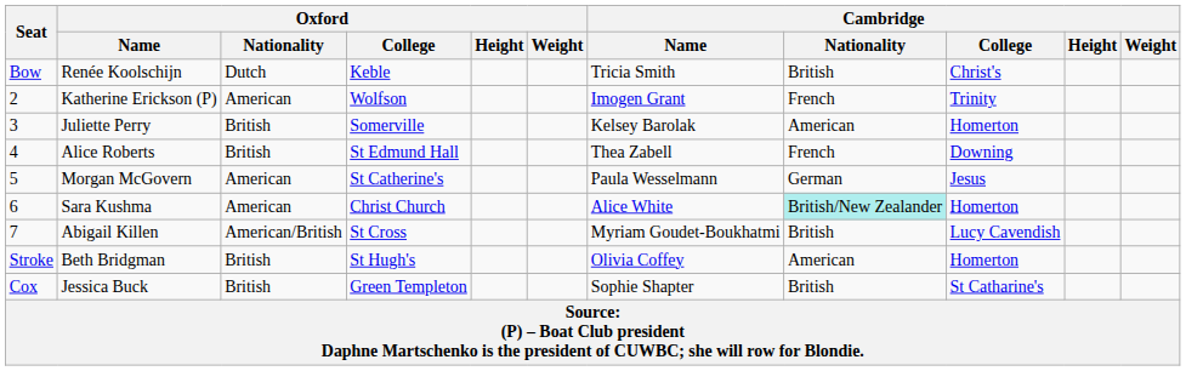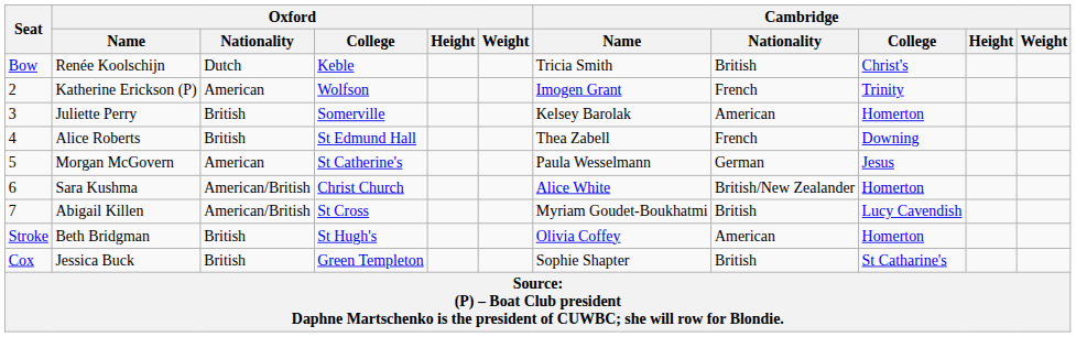 <table class="wikitable">
 <tr>
 <th rowspan="2" scope="col">Seat</th>
 <th colspan="5" scope="col">Oxford <br> </th>
 <th colspan="5" scope="col">Cambridge <br> </th>
 </tr>
 <tr>
 <th>Name</th>
 <th>Nationality</th>
 <th>College</th>
 <th>Height</th>
 <th>Weight</th>
 <th>Name</th>
 <th>Nationality</th>
 <th>College</th>
 <th>Height</th>
 <th>Weight</th>
 </tr>
 <tr>
 <td><a href='#'>Bow</a></td>
 <td>Renée Koolschijn</td>
 <td>Dutch</td>
 <td><a href='#'>Keble</a></td>
 <td></td>
 <td></td>
 <td>Tricia Smith</td>
 <td>British</td>
 <td><a href='#'>Christ's</a></td>
 <td></td>
 <td></td>
 </tr>
 <tr>
 <td>2</td>
 <td>Katherine Erickson (P)</td>
 <td>American</td>
 <td><a href='#'>Wolfson</a></td>
 <td></td>
 <td></td>
 <td><a href='#'>Imogen Grant</a></td>
 <td>French</td>
 <td><a href='#'>Trinity</a></td>
 <td></td>
 <td></td>
 </tr>
 <tr>
 <td>3</td>
 <td>Juliette Perry</td>
 <td>British</td>
 <td><a href='#'>Somerville</a></td>
 <td></td>
 <td></td>
 <td>Kelsey Barolak</td>
 <td>American</td>
 <td><a href='#'>Homerton</a></td>
 <td></td>
 <td></td>
 </tr>
 <tr>
 <td>4</td>
 <td>Alice Roberts</td>
 <td>British</td>
 <td><a href='#'>St Edmund Hall</a></td>
 <td></td>
 <td></td>
 <td>Thea Zabell</td>
 <td>French</td>
 <td><a href='#'>Downing</a></td>
 <td></td>
 <td></td>
 </tr>
 <tr>
 <td>5</td>
 <td>Morgan McGovern</td>
 <td>American</td>
 <td><a href='#'>St Catherine's</a></td>
 <td></td>
 <td></td>
 <td>Paula Wesselmann</td>
 <td>German</td>
 <td><a href='#'>Jesus</a></td>
 <td></td>
 <td></td>
 </tr>
 <tr>
 <td>6</td>
 <td>Sara Kushma</td>
-<td>American</td>
+<td>American/British</td>
 <td><a href='#'>Christ Church</a></td>
 <td></td>
 <td></td>
 <td><a href='#'>Alice White</a></td>
-<td style="background: paleturquoise;">British/New Zealander</td>
+<td>British/New Zealander</td>
 <td><a href='#'>Homerton</a></td>
 <td></td>
 <td></td>
 </tr>
 <tr>
 <td>7</td>
 <td>Abigail Killen</td>
 <td>American/British</td>
 <td><a href='#'>St Cross</a></td>
 <td></td>
 <td></td>
 <td>Myriam Goudet-Boukhatmi</td>
 <td>British</td>
 <td><a href='#'>Lucy Cavendish</a></td>
 <td></td>
 <td></td>
 </tr>
 <tr>
 <td><a href='#'>Stroke</a></td>
 <td>Beth Bridgman</td>
 <td>British</td>
 <td><a href='#'>St Hugh's</a></td>
 <td></td>
 <td></td>
 <td><a href='#'>Olivia Coffey</a></td>
 <td>American</td>
 <td><a href='#'>Homerton</a></td>
 <td></td>
 <td></td>
 </tr>
 <tr>
 <td><a href='#'>Cox</a></td>
 <td>Jessica Buck</td>
 <td>British</td>
 <td><a href='#'>Green Templeton</a></td>
 <td></td>
 <td></td>
 <td>Sophie Shapter</td>
 <td>British</td>
 <td><a href='#'>St Catharine's</a></td>
 <td></td>
 <td></td>
 </tr>
 <tr>
 <th colspan=11>Source:<br>(P) – Boat Club president<br>Daphne Martschenko is the president of CUWBC; she will row for Blondie.</th>
 </tr>
 </table>
